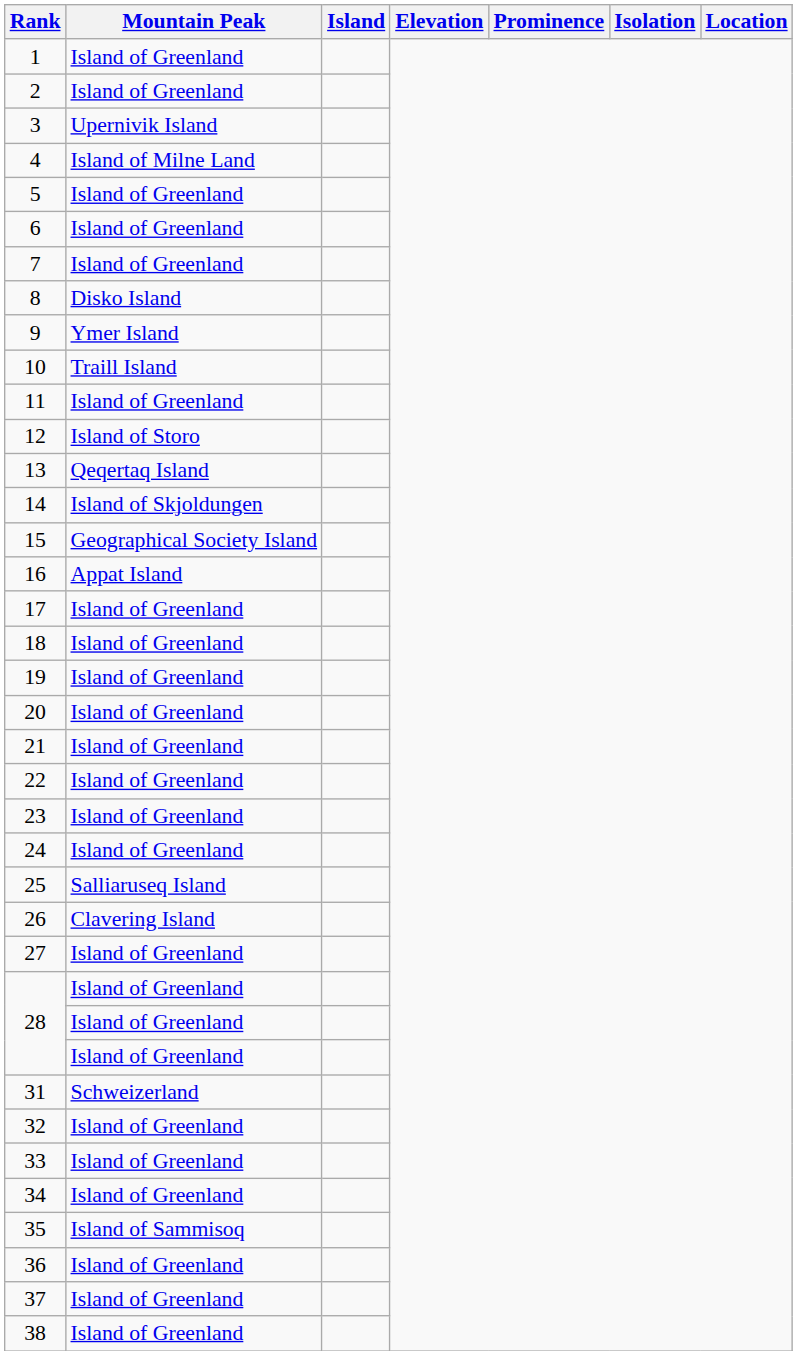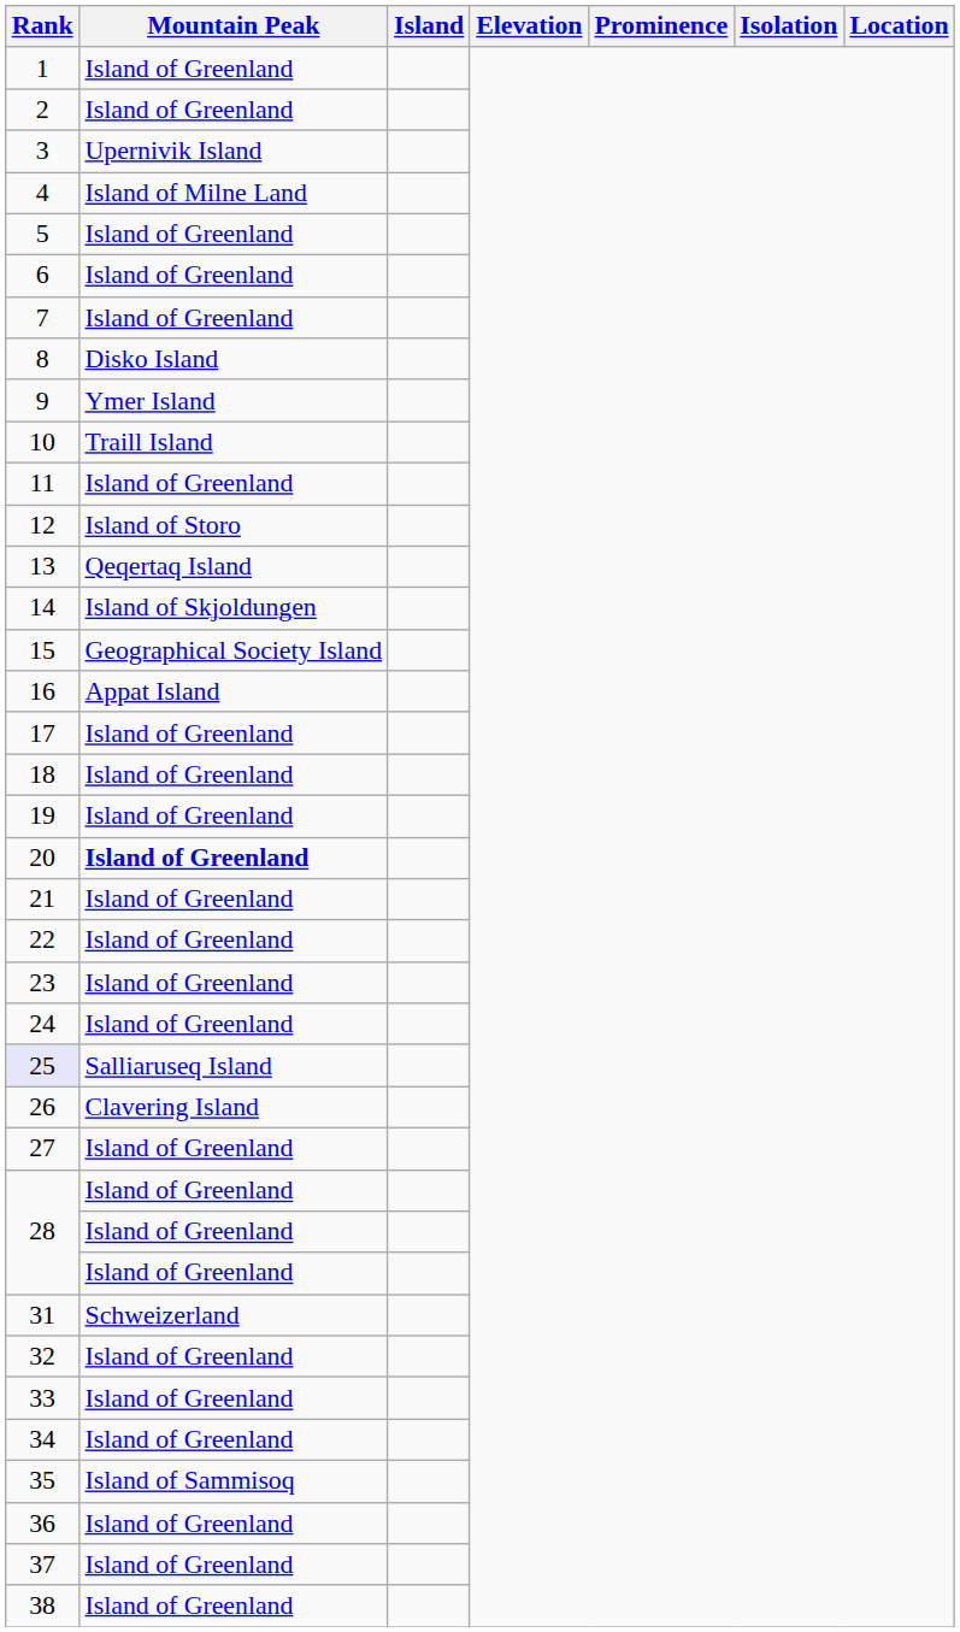 <table class="wikitable sortable">
 <tr>
 <th><a href='#'>Rank</a></th>
 <th><a href='#'>Mountain Peak</a></th>
 <th><a href='#'>Island</a></th>
 <th><a href='#'>Elevation</a></th>
 <th><a href='#'>Prominence</a></th>
 <th><a href='#'>Isolation</a></th>
 <th><a href='#'>Location</a></th>
 </tr>
 <tr>
 <td align=center>1<br></td>
 <td><a href='#'>Island of Greenland</a><br></td>
 <td></td>
 </tr>
 <tr>
 <td align=center>2<br></td>
 <td><a href='#'>Island of Greenland</a><br></td>
 <td></td>
 </tr>
 <tr>
 <td align=center>3<br></td>
 <td><a href='#'>Upernivik Island</a><br></td>
 <td></td>
 </tr>
 <tr>
 <td align=center>4<br></td>
 <td><a href='#'>Island of Milne Land</a><br></td>
 <td></td>
 </tr>
 <tr>
 <td align=center>5<br></td>
 <td><a href='#'>Island of Greenland</a><br></td>
 <td></td>
 </tr>
 <tr>
 <td align=center>6<br></td>
 <td><a href='#'>Island of Greenland</a><br></td>
 <td></td>
 </tr>
 <tr>
 <td align=center>7<br></td>
 <td><a href='#'>Island of Greenland</a><br></td>
 <td></td>
 </tr>
 <tr>
 <td align=center>8<br></td>
 <td><a href='#'>Disko Island</a><br></td>
 <td></td>
 </tr>
 <tr>
 <td align=center>9<br></td>
 <td><a href='#'>Ymer Island</a><br></td>
 <td></td>
 </tr>
 <tr>
 <td align=center>10<br></td>
 <td><a href='#'>Traill Island</a><br></td>
 <td></td>
 </tr>
 <tr>
 <td align=center>11<br></td>
 <td><a href='#'>Island of Greenland</a><br></td>
 <td></td>
 </tr>
 <tr>
 <td align=center>12<br></td>
 <td><a href='#'>Island of Storo</a><br></td>
 <td></td>
 </tr>
 <tr>
 <td align=center>13<br></td>
 <td><a href='#'>Qeqertaq Island</a><br></td>
 <td></td>
 </tr>
 <tr>
 <td align=center>14<br></td>
 <td><a href='#'>Island of Skjoldungen</a><br></td>
 <td></td>
 </tr>
 <tr>
 <td align=center>15<br></td>
 <td><a href='#'>Geographical Society Island</a><br></td>
 <td></td>
 </tr>
 <tr>
 <td align=center>16<br></td>
 <td><a href='#'>Appat Island</a><br></td>
 <td></td>
 </tr>
 <tr>
 <td align=center>17<br></td>
 <td><a href='#'>Island of Greenland</a><br></td>
 <td></td>
 </tr>
 <tr>
 <td align=center>18<br></td>
 <td><a href='#'>Island of Greenland</a><br></td>
 <td></td>
 </tr>
 <tr>
 <td align=center>19<br></td>
 <td><a href='#'>Island of Greenland</a><br></td>
 <td></td>
 </tr>
 <tr>
 <td align=center>20<br></td>
-<td><a href='#'>Island of Greenland</a><br></td>
+<td><strong><a href='#'>Island of Greenland</a><br></strong></td>
 <td></td>
 </tr>
 <tr>
 <td align=center>21<br></td>
 <td><a href='#'>Island of Greenland</a><br></td>
 <td></td>
 </tr>
 <tr>
 <td align=center>22<br></td>
 <td><a href='#'>Island of Greenland</a><br></td>
 <td></td>
 </tr>
 <tr>
 <td align=center>23<br></td>
 <td><a href='#'>Island of Greenland</a><br></td>
 <td></td>
 </tr>
 <tr>
 <td align=center>24<br></td>
 <td><a href='#'>Island of Greenland</a><br></td>
 <td></td>
 </tr>
 <tr>
-<td align=center>25<br></td>
+<td align=center style="background: lavender;">25<br></td>
 <td><a href='#'>Salliaruseq Island</a><br></td>
 <td></td>
 </tr>
 <tr>
 <td align=center>26<br></td>
 <td><a href='#'>Clavering Island</a><br></td>
 <td></td>
 </tr>
 <tr>
 <td align=center>27<br></td>
 <td><a href='#'>Island of Greenland</a><br></td>
 <td></td>
 </tr>
 <tr>
 <td align=center rowspan=3>28<br></td>
 <td><a href='#'>Island of Greenland</a><br></td>
 <td></td>
 </tr>
 <tr>
 <td><a href='#'>Island of Greenland</a><br></td>
 <td></td>
 </tr>
 <tr>
 <td><a href='#'>Island of Greenland</a><br></td>
 <td></td>
 </tr>
 <tr>
 <td align=center>31<br></td>
 <td><a href='#'>Schweizerland</a><br></td>
 <td></td>
 </tr>
 <tr>
 <td align=center>32<br></td>
 <td><a href='#'>Island of Greenland</a><br></td>
 <td></td>
 </tr>
 <tr>
 <td align=center>33<br></td>
 <td><a href='#'>Island of Greenland</a><br></td>
 <td></td>
 </tr>
 <tr>
 <td align=center>34<br></td>
 <td><a href='#'>Island of Greenland</a><br></td>
 <td></td>
 </tr>
 <tr>
 <td align=center>35<br></td>
 <td><a href='#'>Island of Sammisoq</a><br></td>
 <td></td>
 </tr>
 <tr>
 <td align=center>36<br></td>
 <td><a href='#'>Island of Greenland</a><br></td>
 <td></td>
 </tr>
 <tr>
 <td align=center>37<br></td>
 <td><a href='#'>Island of Greenland</a><br></td>
 <td></td>
 </tr>
 <tr>
 <td align=center>38<br></td>
 <td><a href='#'>Island of Greenland</a><br></td>
 <td></td>
 </tr>
 </table>
